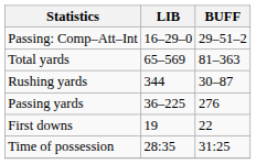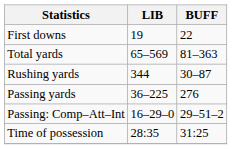 <table class="wikitable" style="float: left;">
 <tr>
 <th>Statistics</th>
 <th>LIB</th>
 <th>BUFF</th>
 </tr>
 <tr>
-<td>Passing: Comp–Att–Int</td>
-<td>16–29–0</td>
-<td>29–51–2</td>
+<td>First downs</td>
+<td>19</td>
+<td>22</td>
 </tr>
 <tr>
 <td>Total yards</td>
 <td>65–569</td>
 <td>81–363</td>
 </tr>
 <tr>
 <td>Rushing yards</td>
 <td>344</td>
 <td>30–87</td>
 </tr>
 <tr>
 <td>Passing yards</td>
 <td>36–225</td>
 <td>276</td>
 </tr>
 <tr>
-<td>First downs</td>
-<td>19</td>
-<td>22</td>
+<td>Passing: Comp–Att–Int</td>
+<td>16–29–0</td>
+<td>29–51–2</td>
 </tr>
 <tr>
 <td>Time of possession</td>
 <td>28:35</td>
 <td>31:25</td>
 </tr>
 <tr>
 </tr>
 </table>
